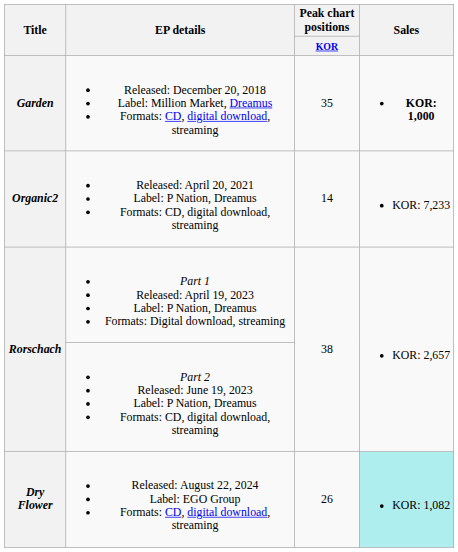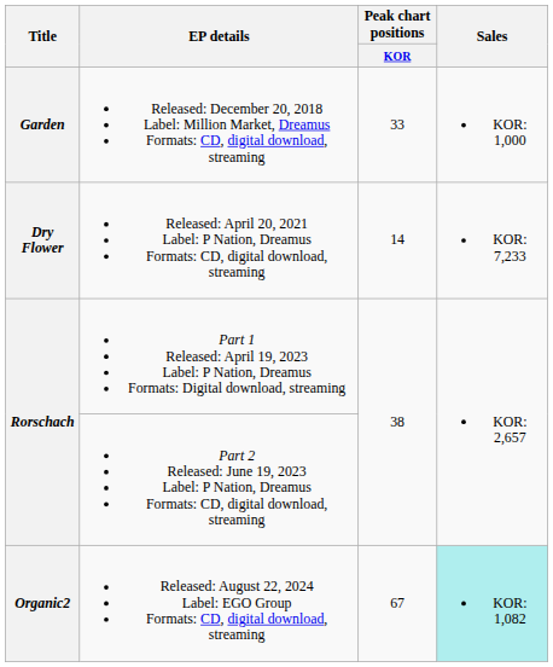 <table class="wikitable plainrowheaders" style="text-align:center;">
 <tr>
 <th rowspan="2" scope="col">Title</th>
 <th rowspan="2" scope="col">EP details</th>
 <th colspan="1" scope="col" style="width:5em;">Peak chart positions</th>
 <th rowspan="2" scope="col">Sales</th>
 </tr>
 <tr>
 <th><small><a href='#'>KOR</a></small><br></th>
 </tr>
 <tr>
 <th scope="row"><em>Garden</em></th>
 <td><br><ul><li>Released: December 20, 2018</li><li>Label: Million Market, <a href='#'>Dreamus</a></li><li>Formats: <a href='#'>CD</a>, <a href='#'>digital download</a>, streaming</li></ul></td>
-<td>35</td>
-<td><strong><br><ul><li>KOR: 1,000</li></ul></strong></td>
+<td>33</td>
+<td><br><ul><li>KOR: 1,000</li></ul></td>
 </tr>
 <tr>
-<th scope="row"><em>Organic2</em></th>
+<th scope="row"><em>Dry Flower</em></th>
 <td><br><ul><li>Released: April 20, 2021</li><li>Label: P Nation, Dreamus</li><li>Formats: CD, digital download, streaming</li></ul></td>
 <td>14</td>
 <td><br><ul><li>KOR: 7,233</li></ul></td>
 </tr>
 <tr>
 <th scope="row" rowspan="2"><em>Rorschach</em></th>
 <td><br><ul><li><em>Part 1</em></li><li>Released: April 19, 2023</li><li>Label: P Nation, Dreamus</li><li>Formats: Digital download, streaming</li></ul></td>
 <td rowspan="2">38</td>
 <td rowspan="2"><br><ul><li>KOR: 2,657</li></ul></td>
 </tr>
 <tr>
 <td><br><ul><li><em>Part 2</em></li><li>Released: June 19, 2023</li><li>Label: P Nation, Dreamus</li><li>Formats: CD, digital download, streaming</li></ul></td>
 </tr>
 <tr>
-<th scope="row"><em>Dry Flower</em></th>
+<th scope="row"><em>Organic2</em></th>
 <td><br><ul><li>Released: August 22, 2024</li><li>Label: EGO Group</li><li>Formats: <a href='#'>CD</a>, <a href='#'>digital download</a>, streaming</li></ul></td>
-<td>26</td>
+<td>67</td>
 <td style="background: paleturquoise;"><br><ul><li>KOR: 1,082</li></ul></td>
 </tr>
 </table>
